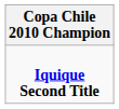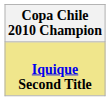 <table class="wikitable" style="text-align: center; margin: 0 auto;">
 <tr>
 <th>Copa Chile<br>2010 Champion</th>
 </tr>
 <tr>
-<td><br><strong><a href='#'>Iquique</a></strong><br><strong>Second Title</strong></td>
+<td style="background: khaki;"><br><strong><a href='#'>Iquique</a></strong><br><strong>Second Title</strong></td>
 </tr>
 </table>
